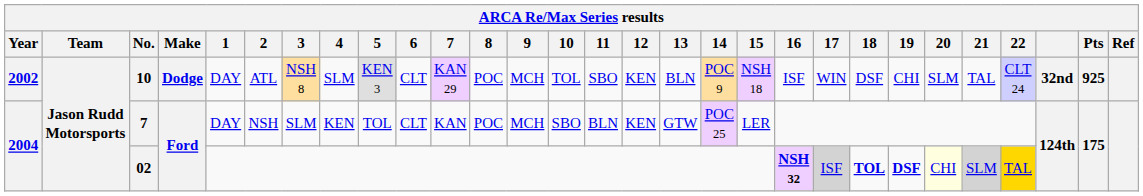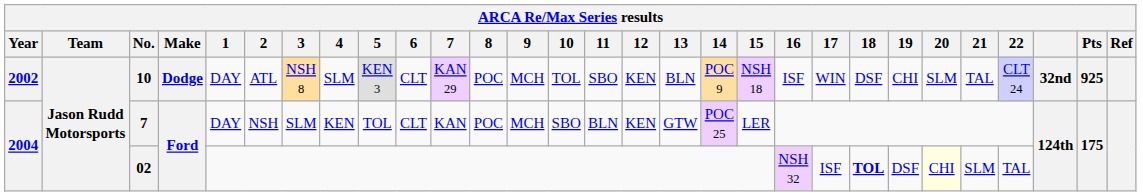 <table class="wikitable" style="text-align:center; font-size:75%">
 <tr>
 <th colspan=45><a href='#'>ARCA Re/Max Series</a> results</th>
 </tr>
 <tr>
 <th>Year</th>
 <th>Team</th>
 <th>No.</th>
 <th>Make</th>
 <th>1</th>
 <th>2</th>
 <th>3</th>
 <th>4</th>
 <th>5</th>
 <th>6</th>
 <th>7</th>
 <th>8</th>
 <th>9</th>
 <th>10</th>
 <th>11</th>
 <th>12</th>
 <th>13</th>
 <th>14</th>
 <th>15</th>
 <th>16</th>
 <th>17</th>
 <th>18</th>
 <th>19</th>
 <th>20</th>
 <th>21</th>
 <th>22</th>
 <th></th>
 <th>Pts</th>
 <th>Ref</th>
 </tr>
 <tr>
 <th><a href='#'>2002</a></th>
 <th rowspan=3>Jason Rudd Motorsports</th>
 <th>10</th>
 <th><a href='#'>Dodge</a></th>
 <td><a href='#'>DAY</a></td>
 <td><a href='#'>ATL</a></td>
 <td style="background:#FFDF9F;"><a href='#'>NSH</a><br><small>8</small></td>
 <td><a href='#'>SLM</a></td>
 <td style="background:#DFDFDF;"><a href='#'>KEN</a><br><small>3</small></td>
 <td><a href='#'>CLT</a></td>
 <td style="background:#EFCFFF;"><a href='#'>KAN</a><br><small>29</small></td>
 <td><a href='#'>POC</a></td>
 <td><a href='#'>MCH</a></td>
 <td><a href='#'>TOL</a></td>
 <td><a href='#'>SBO</a></td>
 <td><a href='#'>KEN</a></td>
 <td><a href='#'>BLN</a></td>
 <td style="background:#FFDF9F;"><a href='#'>POC</a><br><small>9</small></td>
 <td style="background:#EFCFFF;"><a href='#'>NSH</a><br><small>18</small></td>
 <td><a href='#'>ISF</a></td>
 <td><a href='#'>WIN</a></td>
 <td><a href='#'>DSF</a></td>
 <td><a href='#'>CHI</a></td>
 <td><a href='#'>SLM</a></td>
 <td><a href='#'>TAL</a></td>
 <td style="background:#CFCFFF;"><a href='#'>CLT</a><br><small>24</small></td>
 <th>32nd</th>
 <th>925</th>
 <th></th>
 </tr>
 <tr>
 <th rowspan=2><a href='#'>2004</a></th>
 <th>7</th>
 <th rowspan=2><a href='#'>Ford</a></th>
 <td><a href='#'>DAY</a></td>
 <td><a href='#'>NSH</a></td>
 <td><a href='#'>SLM</a></td>
 <td><a href='#'>KEN</a></td>
 <td><a href='#'>TOL</a></td>
 <td><a href='#'>CLT</a></td>
 <td><a href='#'>KAN</a></td>
 <td><a href='#'>POC</a></td>
 <td><a href='#'>MCH</a></td>
 <td><a href='#'>SBO</a></td>
 <td><a href='#'>BLN</a></td>
 <td><a href='#'>KEN</a></td>
 <td><a href='#'>GTW</a></td>
 <td style="background:#EFCFFF;"><a href='#'>POC</a><br><small>25</small></td>
 <td><a href='#'>LER</a></td>
 <td colspan=7></td>
 <th rowspan=2>124th</th>
 <th rowspan=2>175</th>
 <th rowspan=2></th>
 </tr>
 <tr>
 <th>02</th>
 <td colspan=15></td>
-<td style="background:#EFCFFF;"><strong><a href='#'>NSH</a><br><small>32</small></strong></td>
-<td style="background: lightgrey;"><a href='#'>ISF</a></td>
+<td style="background:#EFCFFF;"><a href='#'>NSH</a><br><small>32</small></td>
+<td><a href='#'>ISF</a></td>
 <td><strong><a href='#'>TOL</a></strong></td>
-<td><strong><a href='#'>DSF</a></strong></td>
+<td><a href='#'>DSF</a></td>
 <td style="background: lightyellow;"><a href='#'>CHI</a></td>
-<td style="background: lightgrey;"><a href='#'>SLM</a></td>
-<td style="background: gold;"><a href='#'>TAL</a></td>
+<td><a href='#'>SLM</a></td>
+<td><a href='#'>TAL</a></td>
 </tr>
 </table>
